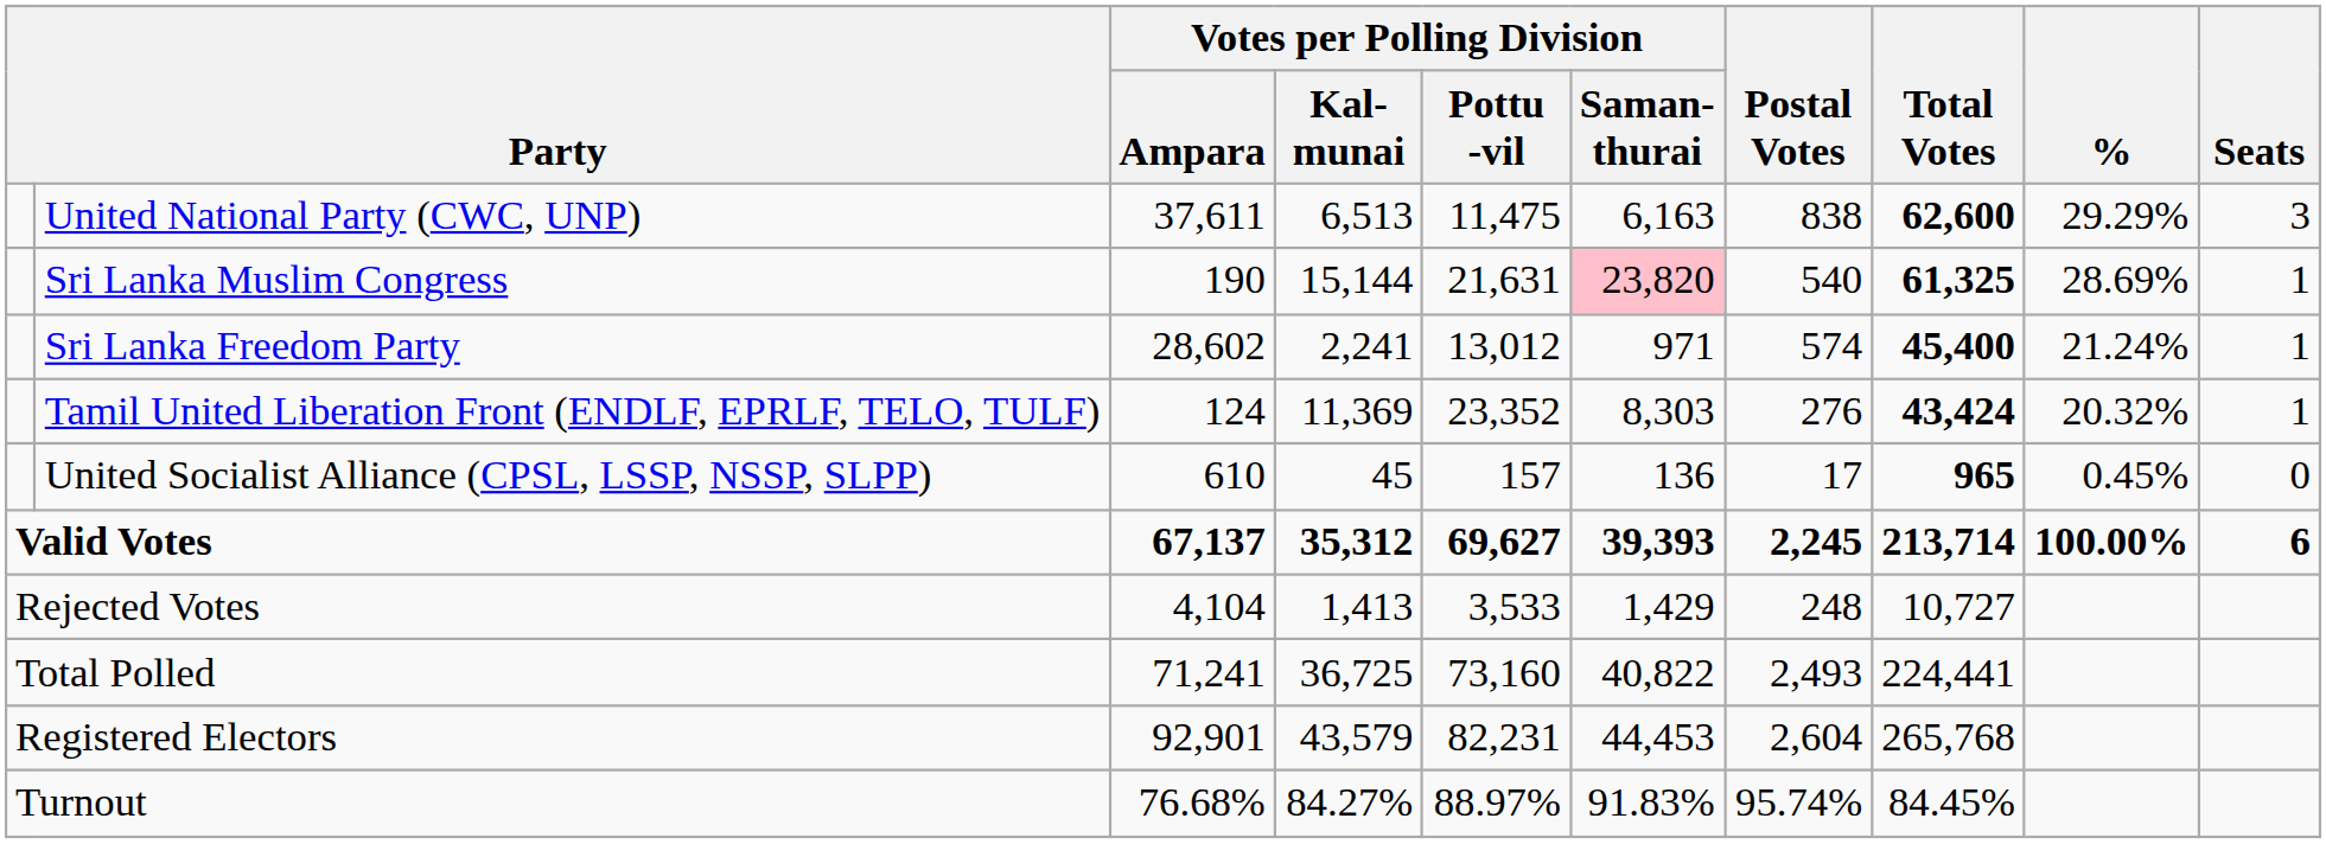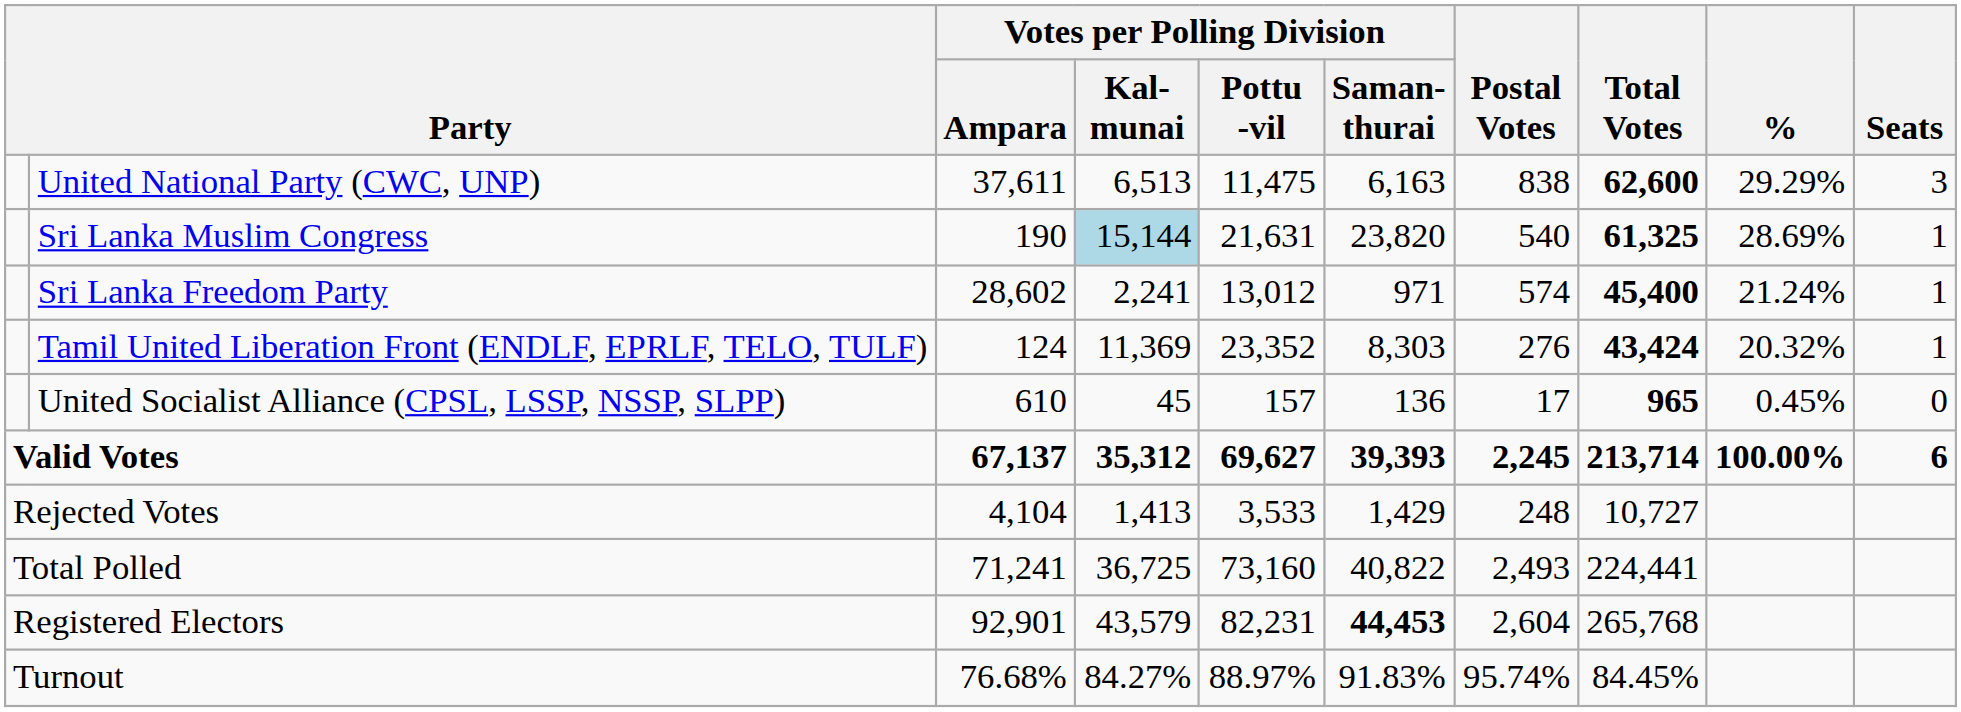 <table class="wikitable" border="1" style="text-align:right;">
 <tr>
 <th align=left valign=bottom rowspan=2 colspan=2>Party</th>
 <th colspan=4>Votes per Polling Division</th>
 <th align=center valign=bottom rowspan=2 width="50">Postal<br>Votes</th>
 <th align=center valign=bottom rowspan=2 width="50">Total Votes</th>
 <th align=center valign=bottom rowspan=2 width="50">%</th>
 <th align=center valign=bottom rowspan=2 width="40">Seats</th>
 </tr>
 <tr>
 <th align=center valign=bottom width="50">Ampara</th>
 <th align=center valign=bottom width="50">Kal-<br>munai</th>
 <th align=center valign=bottom width="50">Pottu<br>-vil</th>
 <th align=center valign=bottom width="50">Saman-<br>thurai</th>
 </tr>
 <tr>
 <td bgcolor=> </td>
 <td align=left><a href='#'>United National Party</a> (<a href='#'>CWC</a>, <a href='#'>UNP</a>)</td>
 <td>37,611</td>
 <td>6,513</td>
 <td>11,475</td>
 <td>6,163</td>
 <td>838</td>
 <td><strong>62,600</strong></td>
 <td>29.29%</td>
 <td>3</td>
 </tr>
 <tr>
 <td bgcolor=> </td>
 <td align=left><a href='#'>Sri Lanka Muslim Congress</a></td>
 <td>190</td>
-<td>15,144</td>
+<td style="background: lightblue;">15,144</td>
 <td>21,631</td>
-<td style="background: pink;">23,820</td>
+<td>23,820</td>
 <td>540</td>
 <td><strong>61,325</strong></td>
 <td>28.69%</td>
 <td>1</td>
 </tr>
 <tr>
 <td bgcolor=> </td>
 <td align=left><a href='#'>Sri Lanka Freedom Party</a></td>
 <td>28,602</td>
 <td>2,241</td>
 <td>13,012</td>
 <td>971</td>
 <td>574</td>
 <td><strong>45,400</strong></td>
 <td>21.24%</td>
 <td>1</td>
 </tr>
 <tr>
 <td bgcolor=> </td>
 <td align=left><a href='#'>Tamil United Liberation Front</a> (<a href='#'>ENDLF</a>, <a href='#'>EPRLF</a>, <a href='#'>TELO</a>, <a href='#'>TULF</a>)</td>
 <td>124</td>
 <td>11,369</td>
 <td>23,352</td>
 <td>8,303</td>
 <td>276</td>
 <td><strong>43,424</strong></td>
 <td>20.32%</td>
 <td>1</td>
 </tr>
 <tr>
 <td></td>
 <td align=left>United Socialist Alliance (<a href='#'>CPSL</a>, <a href='#'>LSSP</a>, <a href='#'>NSSP</a>, <a href='#'>SLPP</a>)</td>
 <td>610</td>
 <td>45</td>
 <td>157</td>
 <td>136</td>
 <td>17</td>
 <td><strong>965</strong></td>
 <td>0.45%</td>
 <td>0</td>
 </tr>
 <tr>
 <td align=left colspan=2><strong>Valid Votes</strong></td>
 <td><strong>67,137</strong></td>
 <td><strong>35,312</strong></td>
 <td><strong>69,627</strong></td>
 <td><strong>39,393</strong></td>
 <td><strong>2,245</strong></td>
 <td><strong>213,714</strong></td>
 <td><strong>100.00%</strong></td>
 <td><strong>6</strong></td>
 </tr>
 <tr>
 <td align=left colspan=2>Rejected Votes</td>
 <td>4,104</td>
 <td>1,413</td>
 <td>3,533</td>
 <td>1,429</td>
 <td>248</td>
 <td>10,727</td>
 <td></td>
 <td></td>
 </tr>
 <tr>
 <td align=left colspan=2>Total Polled</td>
 <td>71,241</td>
 <td>36,725</td>
 <td>73,160</td>
 <td>40,822</td>
 <td>2,493</td>
 <td>224,441</td>
 <td></td>
 <td></td>
 </tr>
 <tr>
 <td align=left colspan=2>Registered Electors</td>
 <td>92,901</td>
 <td>43,579</td>
 <td>82,231</td>
-<td>44,453</td>
+<td><strong>44,453</strong></td>
 <td>2,604</td>
 <td>265,768</td>
 <td></td>
 <td></td>
 </tr>
 <tr>
 <td align=left colspan=2>Turnout</td>
 <td>76.68%</td>
 <td>84.27%</td>
 <td>88.97%</td>
 <td>91.83%</td>
 <td>95.74%</td>
 <td>84.45%</td>
 <td></td>
 <td></td>
 </tr>
 </table>
